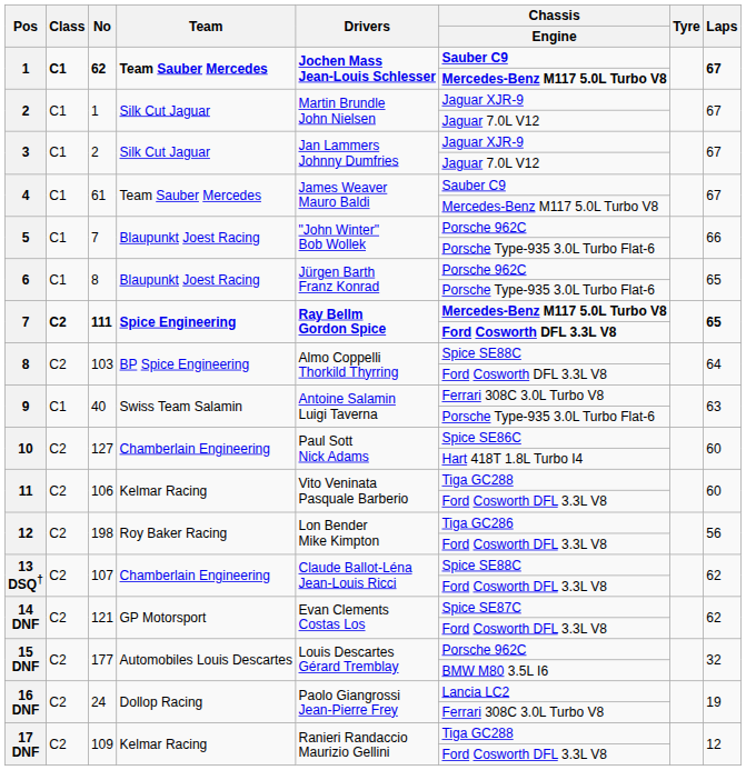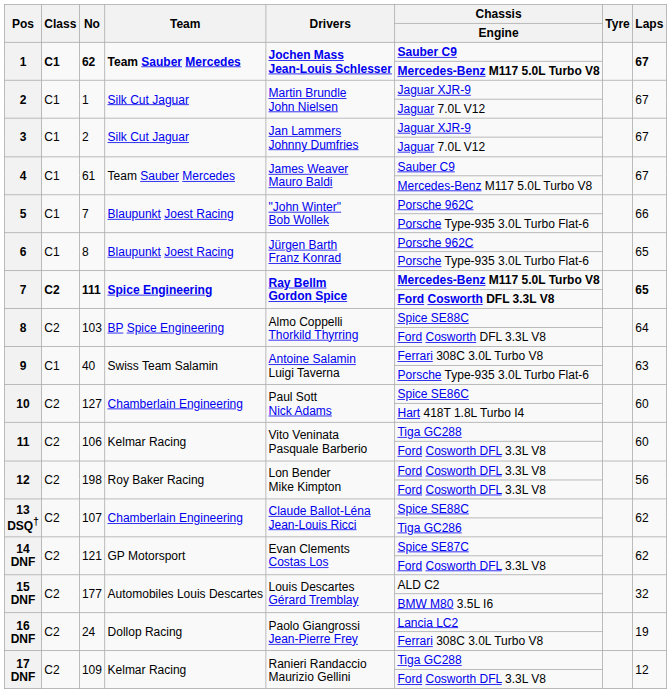 <table class="wikitable" style="font-size: 95%;">
 <tr>
 <th rowspan=2>Pos</th>
 <th rowspan=2>Class</th>
 <th rowspan=2>No</th>
 <th rowspan=2>Team</th>
 <th rowspan=2>Drivers</th>
 <th>Chassis</th>
 <th rowspan=2>Tyre</th>
 <th rowspan=2>Laps</th>
 </tr>
 <tr>
 <th>Engine</th>
 </tr>
 <tr style="font-weight:bold">
 <th rowspan=2>1</th>
 <td rowspan=2>C1</td>
 <td rowspan=2>62</td>
 <td rowspan=2> Team <a href='#'>Sauber</a> <a href='#'>Mercedes</a></td>
 <td rowspan=2> <a href='#'>Jochen Mass</a><br> <a href='#'>Jean-Louis Schlesser</a></td>
 <td><a href='#'>Sauber C9</a></td>
 <td rowspan=2></td>
 <td rowspan=2>67</td>
 </tr>
 <tr style="font-weight:bold">
 <td><a href='#'>Mercedes-Benz</a> M117 5.0L Turbo V8</td>
 </tr>
 <tr>
 <th rowspan=2>2</th>
 <td rowspan=2>C1</td>
 <td rowspan=2>1</td>
 <td rowspan=2> <a href='#'>Silk Cut Jaguar</a></td>
 <td rowspan=2> <a href='#'>Martin Brundle</a><br> <a href='#'>John Nielsen</a></td>
 <td><a href='#'>Jaguar XJR-9</a></td>
 <td rowspan=2></td>
 <td rowspan=2>67</td>
 </tr>
 <tr>
 <td><a href='#'>Jaguar</a> 7.0L V12</td>
 </tr>
 <tr>
 <th rowspan=2>3</th>
 <td rowspan=2>C1</td>
 <td rowspan=2>2</td>
 <td rowspan=2> <a href='#'>Silk Cut Jaguar</a></td>
 <td rowspan=2> <a href='#'>Jan Lammers</a><br> <a href='#'>Johnny Dumfries</a></td>
 <td><a href='#'>Jaguar XJR-9</a></td>
 <td rowspan=2></td>
 <td rowspan=2>67</td>
 </tr>
 <tr>
 <td><a href='#'>Jaguar</a> 7.0L V12</td>
 </tr>
 <tr>
 <th rowspan=2>4</th>
 <td rowspan=2>C1</td>
 <td rowspan=2>61</td>
 <td rowspan=2> Team <a href='#'>Sauber</a> <a href='#'>Mercedes</a></td>
 <td rowspan=2> <a href='#'>James Weaver</a><br> <a href='#'>Mauro Baldi</a></td>
 <td><a href='#'>Sauber C9</a></td>
 <td rowspan=2></td>
 <td rowspan=2>67</td>
 </tr>
 <tr>
 <td><a href='#'>Mercedes-Benz</a> M117 5.0L Turbo V8</td>
 </tr>
 <tr>
 <th rowspan=2>5</th>
 <td rowspan=2>C1</td>
 <td rowspan=2>7</td>
 <td rowspan=2> <a href='#'>Blaupunkt</a> <a href='#'>Joest Racing</a></td>
 <td rowspan=2> <a href='#'>"John Winter"</a><br> <a href='#'>Bob Wollek</a></td>
 <td><a href='#'>Porsche 962C</a></td>
 <td rowspan=2></td>
 <td rowspan=2>66</td>
 </tr>
 <tr>
 <td><a href='#'>Porsche</a> Type-935 3.0L Turbo Flat-6</td>
 </tr>
 <tr>
 <th rowspan=2>6</th>
 <td rowspan=2>C1</td>
 <td rowspan=2>8</td>
 <td rowspan=2> <a href='#'>Blaupunkt</a> <a href='#'>Joest Racing</a></td>
 <td rowspan=2> <a href='#'>Jürgen Barth</a><br> <a href='#'>Franz Konrad</a></td>
 <td><a href='#'>Porsche 962C</a></td>
 <td rowspan=2></td>
 <td rowspan=2>65</td>
 </tr>
 <tr>
 <td><a href='#'>Porsche</a> Type-935 3.0L Turbo Flat-6</td>
 </tr>
 <tr style="font-weight:bold">
 <th rowspan=2>7</th>
 <td rowspan=2>C2</td>
 <td rowspan=2>111</td>
 <td rowspan=2> <a href='#'>Spice Engineering</a></td>
 <td rowspan=2> <a href='#'>Ray Bellm</a><br> <a href='#'>Gordon Spice</a></td>
 <td><a href='#'>Mercedes-Benz</a> M117 5.0L Turbo V8</td>
 <td rowspan=2></td>
 <td rowspan=2>65</td>
 </tr>
 <tr style="font-weight:bold">
 <td><a href='#'>Ford</a> <a href='#'>Cosworth</a> DFL 3.3L V8</td>
 </tr>
 <tr>
 <th rowspan=2>8</th>
 <td rowspan=2>C2</td>
 <td rowspan=2>103</td>
 <td rowspan=2> <a href='#'>BP</a> <a href='#'>Spice Engineering</a></td>
 <td rowspan=2> Almo Coppelli<br> <a href='#'>Thorkild Thyrring</a></td>
 <td><a href='#'>Spice SE88C</a></td>
 <td rowspan=2></td>
 <td rowspan=2>64</td>
 </tr>
 <tr>
 <td><a href='#'>Ford</a> <a href='#'>Cosworth</a> DFL 3.3L V8</td>
 </tr>
 <tr>
 <th rowspan=2>9</th>
 <td rowspan=2>C1</td>
 <td rowspan=2>40</td>
 <td rowspan=2> Swiss Team Salamin</td>
 <td rowspan=2> <a href='#'>Antoine Salamin</a><br> Luigi Taverna</td>
 <td><a href='#'>Ferrari</a> 308C 3.0L Turbo V8</td>
 <td rowspan=2></td>
 <td rowspan=2>63</td>
 </tr>
 <tr>
 <td><a href='#'>Porsche</a> Type-935 3.0L Turbo Flat-6</td>
 </tr>
 <tr>
 <th rowspan=2>10</th>
 <td rowspan=2>C2</td>
 <td rowspan=2>127</td>
 <td rowspan=2> <a href='#'>Chamberlain Engineering</a></td>
 <td rowspan=2> Paul Sott<br> <a href='#'>Nick Adams</a></td>
 <td><a href='#'>Spice SE86C</a></td>
 <td rowspan=2></td>
 <td rowspan=2>60</td>
 </tr>
 <tr>
 <td><a href='#'>Hart</a> 418T 1.8L Turbo I4</td>
 </tr>
 <tr>
 <th rowspan=2>11</th>
 <td rowspan=2>C2</td>
 <td rowspan=2>106</td>
 <td rowspan=2> Kelmar Racing</td>
 <td rowspan=2> Vito Veninata<br> Pasquale Barberio</td>
 <td><a href='#'>Tiga GC288</a></td>
 <td rowspan=2></td>
 <td rowspan=2>60</td>
 </tr>
 <tr>
 <td><a href='#'>Ford</a> <a href='#'>Cosworth DFL</a> 3.3L V8</td>
 </tr>
 <tr>
 <th rowspan=2>12</th>
 <td rowspan=2>C2</td>
 <td rowspan=2>198</td>
 <td rowspan=2> Roy Baker Racing</td>
 <td rowspan=2> Lon Bender<br> Mike Kimpton</td>
-<td><a href='#'>Tiga GC286</a></td>
+<td><a href='#'>Ford</a> <a href='#'>Cosworth DFL</a> 3.3L V8</td>
 <td rowspan=2></td>
 <td rowspan=2>56</td>
 </tr>
 <tr>
 <td><a href='#'>Ford</a> <a href='#'>Cosworth DFL</a> 3.3L V8</td>
 </tr>
 <tr>
 <th rowspan=2>13<br>DSQ<sup>†</sup></th>
 <td rowspan=2>C2</td>
 <td rowspan=2>107</td>
 <td rowspan=2> <a href='#'>Chamberlain Engineering</a></td>
 <td rowspan=2> <a href='#'>Claude Ballot-Léna</a><br> <a href='#'>Jean-Louis Ricci</a></td>
 <td><a href='#'>Spice SE88C</a></td>
 <td rowspan=2></td>
 <td rowspan=2>62</td>
 </tr>
 <tr>
-<td><a href='#'>Ford</a> <a href='#'>Cosworth DFL</a> 3.3L V8</td>
+<td><a href='#'>Tiga GC286</a></td>
 </tr>
 <tr>
 <th rowspan=2>14<br>DNF</th>
 <td rowspan=2>C2</td>
 <td rowspan=2>121</td>
 <td rowspan=2> GP Motorsport</td>
 <td rowspan=2> Evan Clements<br> <a href='#'>Costas Los</a></td>
 <td><a href='#'>Spice SE87C</a></td>
 <td rowspan=2></td>
 <td rowspan=2>62</td>
 </tr>
 <tr>
 <td><a href='#'>Ford</a> <a href='#'>Cosworth DFL</a> 3.3L V8</td>
 </tr>
 <tr>
 <th rowspan=2>15<br>DNF</th>
 <td rowspan=2>C2</td>
 <td rowspan=2>177</td>
 <td rowspan=2> Automobiles Louis Descartes</td>
 <td rowspan=2> Louis Descartes<br> <a href='#'>Gérard Tremblay</a></td>
-<td><a href='#'>Porsche 962C</a></td>
+<td>ALD C2</td>
 <td rowspan=2></td>
 <td rowspan=2>32</td>
 </tr>
 <tr>
 <td><a href='#'>BMW M80</a> 3.5L I6</td>
 </tr>
 <tr>
 <th rowspan=2>16<br>DNF</th>
 <td rowspan=2>C2</td>
 <td rowspan=2>24</td>
 <td rowspan=2> Dollop Racing</td>
 <td rowspan=2> Paolo Giangrossi<br> <a href='#'>Jean-Pierre Frey</a></td>
 <td><a href='#'>Lancia LC2</a></td>
 <td rowspan=2></td>
 <td rowspan=2>19</td>
 </tr>
 <tr>
 <td><a href='#'>Ferrari</a> 308C 3.0L Turbo V8</td>
 </tr>
 <tr>
 <th rowspan=2>17<br>DNF</th>
 <td rowspan=2>C2</td>
 <td rowspan=2>109</td>
 <td rowspan=2> Kelmar Racing</td>
 <td rowspan=2> Ranieri Randaccio<br> Maurizio Gellini</td>
 <td><a href='#'>Tiga GC288</a></td>
 <td rowspan=2></td>
 <td rowspan=2>12</td>
 </tr>
 <tr>
 <td><a href='#'>Ford</a> <a href='#'>Cosworth DFL</a> 3.3L V8</td>
 </tr>
 </table>
